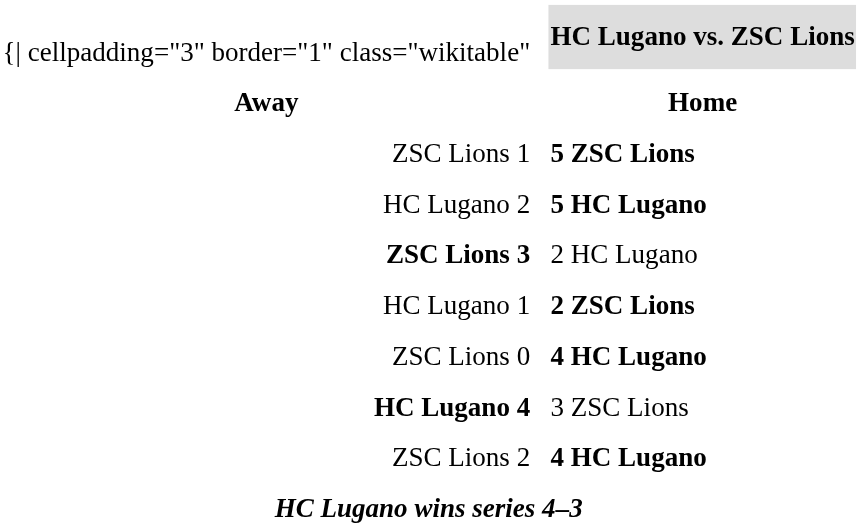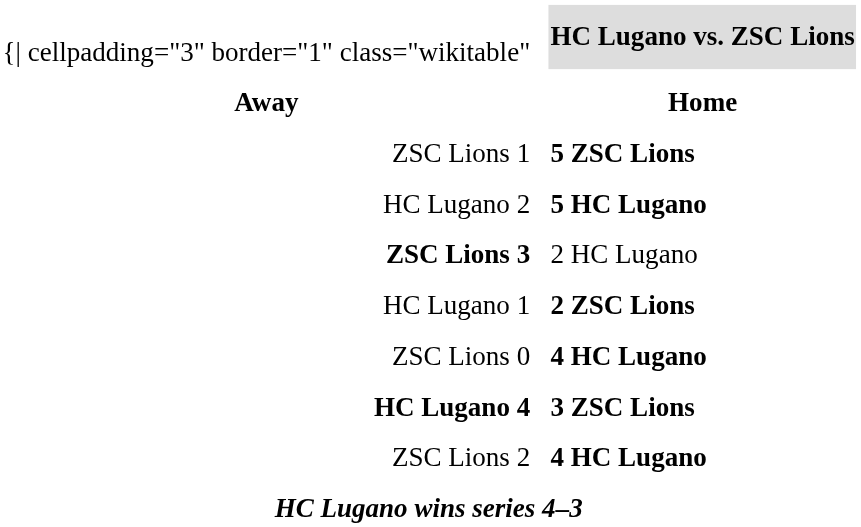 <table cellspacing="10">
 <tr>
 <td valign="top"><br>	{| cellpadding="3" border="1"  class="wikitable"</td>
 <th bgcolor="#DDDDDD" colspan="4">HC Lugano vs. ZSC Lions</th>
 </tr>
 <tr>
 <th>Away</th>
 <th>Home</th>
 </tr>
 <tr>
 <td align = "right">ZSC Lions 1</td>
 <td><strong>5 ZSC Lions</strong></td>
 </tr>
 <tr>
 <td align = "right">HC Lugano 2</td>
 <td><strong>5 HC Lugano</strong></td>
 </tr>
 <tr>
 <td align = "right"><strong>ZSC Lions 3</strong></td>
 <td>2 HC Lugano</td>
 </tr>
 <tr>
 <td align = "right">HC Lugano 1</td>
 <td><strong>2 ZSC Lions</strong></td>
 </tr>
 <tr>
 <td align = "right">ZSC Lions 0</td>
 <td><strong>4 HC Lugano</strong></td>
 </tr>
 <tr>
 <td align = "right"><strong>HC Lugano 4</strong></td>
-<td>3 ZSC Lions</td>
+<td><strong>3 ZSC Lions</strong></td>
 </tr>
 <tr>
 <td align = "right">ZSC Lions 2</td>
 <td><strong>4 HC Lugano</strong></td>
 </tr>
 <tr align="center">
 <td colspan="4"><strong><em>HC Lugano wins series 4–3</em></strong></td>
 </tr>
 </table>
